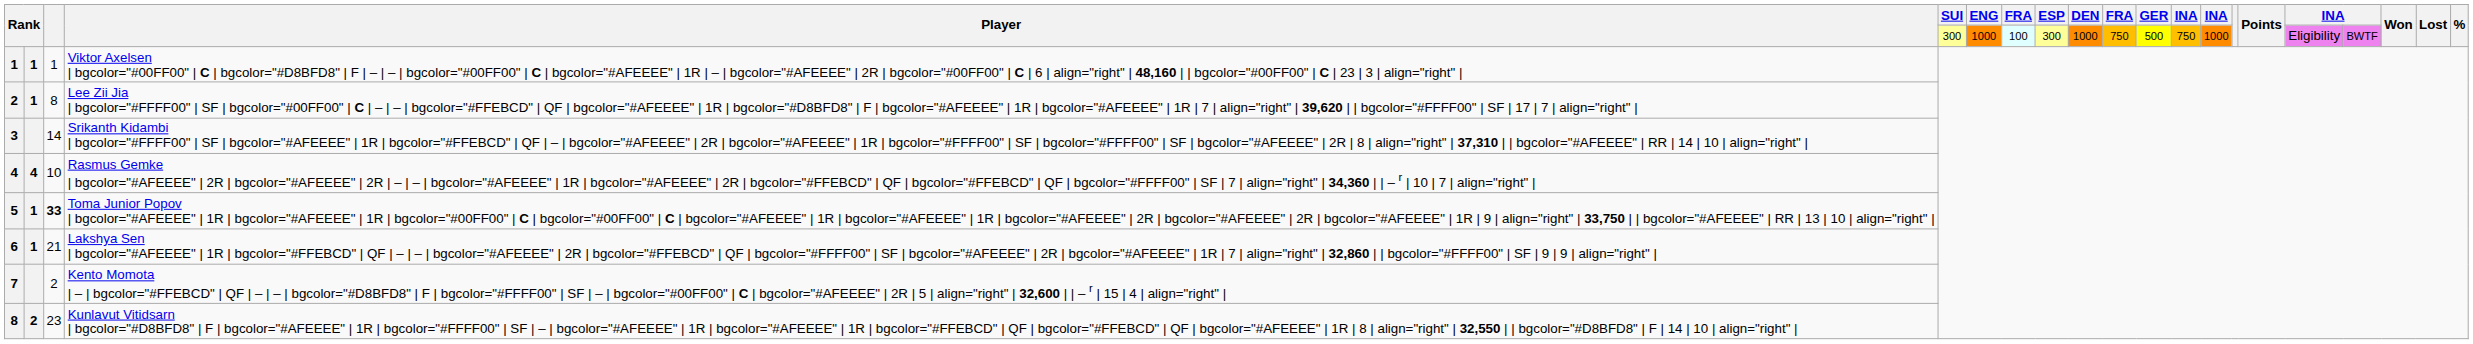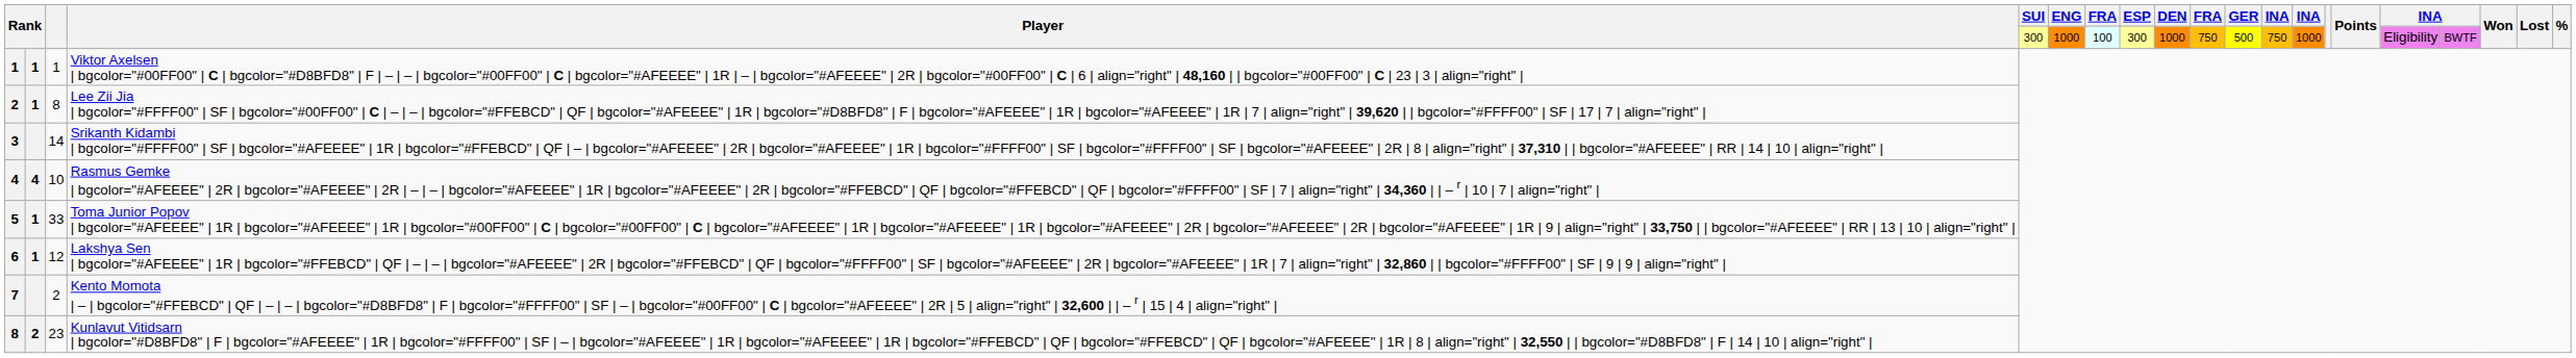 <table class="wikitable" style="font-size:85%; text-align:center">
 <tr>
 <th colspan="2" rowspan="2" width="50">Rank</th>
 <th rowspan="2" width="50"></th>
 <th rowspan="2" width="175">Player</th>
 <th><a href='#'>SUI</a></th>
 <th><a href='#'>ENG</a></th>
 <th><a href='#'>FRA</a></th>
 <th><a href='#'>ESP</a></th>
 <th><a href='#'>DEN</a></th>
 <th><a href='#'>FRA</a></th>
 <th><a href='#'>GER</a></th>
 <th><a href='#'>INA</a></th>
 <th><a href='#'>INA</a></th>
 <th rowspan="2" width="50"></th>
 <th rowspan="2" width="50">Points</th>
 <th colspan="2"><a href='#'>INA</a></th>
 <th rowspan="2" width="50">Won</th>
 <th rowspan="2" width="50">Lost</th>
 <th rowspan="2" width="50">%</th>
 </tr>
 <tr>
 <td bgcolor="#FFFF99"><small>300</small></td>
 <td bgcolor="#FF8C00"><small>1000</small></td>
 <td bgcolor="#E0FFFF"><small>100</small></td>
 <td bgcolor="#FFFF99"><small>300</small></td>
 <td bgcolor="#FF8C00"><small>1000</small></td>
 <td bgcolor="#FFBF00"><small>750</small></td>
 <td bgcolor="#FFFF00"><small>500</small></td>
 <td bgcolor="#FFBF00"><small>750</small></td>
 <td bgcolor="#FF8C00"><small>1000</small></td>
 <td bgcolor="#EE82EE">Eligibility</td>
 <td bgcolor="#EE82EE"><small>BWTF</small></td>
 </tr>
 <tr>
 <th>1</th>
 <th> 1</th>
 <td>1</td>
 <td align="left"> <a href='#'>Viktor Axelsen</a><br>| bgcolor="#00FF00" | <strong>C</strong> | bgcolor="#D8BFD8" | F | – | – | bgcolor="#00FF00" | <strong>C</strong> | bgcolor="#AFEEEE" | 1R | – | bgcolor="#AFEEEE" | 2R | bgcolor="#00FF00" | <strong>C</strong> | 6 | align="right" | <strong>48,160</strong> |  | bgcolor="#00FF00" | <strong>C</strong> | 23 | 3 | align="right" | </td>
 </tr>
 <tr>
 <th>2</th>
 <th> 1</th>
 <td>8</td>
 <td align="left"> <a href='#'>Lee Zii Jia</a><br>| bgcolor="#FFFF00" | SF | bgcolor="#00FF00" | <strong>C</strong> | – | – | bgcolor="#FFEBCD" | QF | bgcolor="#AFEEEE" | 1R | bgcolor="#D8BFD8" | F | bgcolor="#AFEEEE" | 1R | bgcolor="#AFEEEE" | 1R | 7 | align="right" | <strong>39,620</strong> |  | bgcolor="#FFFF00" | SF | 17 | 7 | align="right" | </td>
 </tr>
 <tr>
 <th>3</th>
 <th></th>
 <td>14</td>
 <td align="left"> <a href='#'>Srikanth Kidambi</a><br>| bgcolor="#FFFF00" | SF | bgcolor="#AFEEEE" | 1R | bgcolor="#FFEBCD" | QF | – | bgcolor="#AFEEEE" | 2R | bgcolor="#AFEEEE" | 1R | bgcolor="#FFFF00" | SF | bgcolor="#FFFF00" | SF | bgcolor="#AFEEEE" | 2R | 8 | align="right" | <strong>37,310</strong> |  | bgcolor="#AFEEEE" | RR | 14 | 10 | align="right" | </td>
 </tr>
 <tr>
 <th>4</th>
 <th> 4</th>
 <td>10</td>
 <td align="left"> <a href='#'>Rasmus Gemke</a><br>| bgcolor="#AFEEEE" | 2R | bgcolor="#AFEEEE" | 2R | – | – | bgcolor="#AFEEEE" | 1R | bgcolor="#AFEEEE" | 2R | bgcolor="#FFEBCD" | QF | bgcolor="#FFEBCD" | QF | bgcolor="#FFFF00" | SF | 7 | align="right" | <strong>34,360</strong> |  | – <sup>r</sup> | 10 | 7 | align="right" | </td>
 </tr>
 <tr>
 <th>5</th>
 <th nowrap> 1</th>
-<td><strong>33</strong></td>
+<td>33</td>
 <td align="left" nowrap> <a href='#'>Toma Junior Popov</a><br>| bgcolor="#AFEEEE" | 1R | bgcolor="#AFEEEE" | 1R | bgcolor="#00FF00" | <strong>C</strong> | bgcolor="#00FF00" | <strong>C</strong> | bgcolor="#AFEEEE" | 1R | bgcolor="#AFEEEE" | 1R | bgcolor="#AFEEEE" | 2R | bgcolor="#AFEEEE" | 2R | bgcolor="#AFEEEE" | 1R | 9 | align="right" | <strong>33,750</strong> |  | bgcolor="#AFEEEE" | RR | 13 | 10 | align="right" | </td>
 </tr>
 <tr>
 <th>6</th>
 <th> 1</th>
-<td>21</td>
+<td>12</td>
 <td align="left"> <a href='#'>Lakshya Sen</a><br>| bgcolor="#AFEEEE" | 1R | bgcolor="#FFEBCD" | QF | – | – | bgcolor="#AFEEEE" | 2R | bgcolor="#FFEBCD" | QF | bgcolor="#FFFF00" | SF | bgcolor="#AFEEEE" | 2R | bgcolor="#AFEEEE" | 1R | 7 | align="right" | <strong>32,860</strong> |  | bgcolor="#FFFF00" | SF | 9 | 9 | align="right" | </td>
 </tr>
 <tr>
 <th>7</th>
 <th></th>
 <td>2</td>
 <td align="left"> <a href='#'>Kento Momota</a><br>| – | bgcolor="#FFEBCD" | QF | – | – | bgcolor="#D8BFD8" | F | bgcolor="#FFFF00" | SF | – | bgcolor="#00FF00" | <strong>C</strong> | bgcolor="#AFEEEE" | 2R | 5 | align="right" | <strong>32,600</strong> |   | – <sup>r</sup> | 15 | 4 | align="right" | </td>
 </tr>
 <tr>
 <th>8</th>
 <th> 2</th>
 <td>23</td>
 <td align="left"> <a href='#'>Kunlavut Vitidsarn</a><br>| bgcolor="#D8BFD8" | F | bgcolor="#AFEEEE" | 1R | bgcolor="#FFFF00" | SF | – | bgcolor="#AFEEEE" | 1R | bgcolor="#AFEEEE" | 1R | bgcolor="#FFEBCD" | QF | bgcolor="#FFEBCD" | QF | bgcolor="#AFEEEE" | 1R | 8 | align="right" | <strong>32,550</strong> |  | bgcolor="#D8BFD8" | F | 14 | 10 | align="right" | </td>
 </tr>
 </table>
